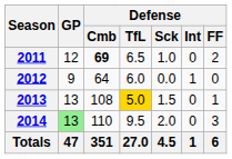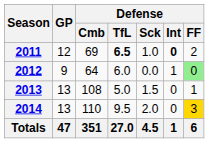 <table class="wikitable" style="text-align:center;">
 <tr>
 <th rowspan="2">Season</th>
 <th rowspan="2">GP</th>
 <th colspan="5">Defense</th>
 </tr>
 <tr>
 <th>Cmb</th>
 <th>TfL</th>
 <th>Sck</th>
 <th>Int</th>
 <th>FF</th>
 </tr>
 <tr>
 <th><a href='#'>2011</a></th>
 <td>12</td>
-<td><strong>69</strong></td>
-<td>6.5</td>
+<td>69</td>
+<td><strong>6.5</strong></td>
 <td>1.0</td>
-<td>0</td>
+<td><strong>0</strong></td>
 <td>2</td>
 </tr>
 <tr>
 <th><a href='#'>2012</a></th>
 <td>9</td>
 <td>64</td>
 <td>6.0</td>
 <td>0.0</td>
 <td>1</td>
-<td>0</td>
+<td style="background: lightgreen;">0</td>
 </tr>
 <tr>
 <th><a href='#'>2013</a></th>
 <td>13</td>
 <td>108</td>
-<td style="background: gold;">5.0</td>
+<td>5.0</td>
 <td>1.5</td>
 <td>0</td>
 <td>1</td>
 </tr>
 <tr>
 <th><a href='#'>2014</a></th>
-<td style="background: lightgreen;">13</td>
+<td>13</td>
 <td>110</td>
 <td>9.5</td>
 <td>2.0</td>
 <td>0</td>
-<td>3</td>
+<td style="background: gold;">3</td>
 </tr>
 <tr>
 <th>Totals</th>
 <th>47</th>
 <th>351</th>
 <th>27.0</th>
 <th>4.5</th>
 <th>1</th>
 <th>6</th>
 </tr>
 </table>
